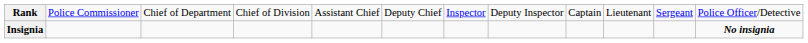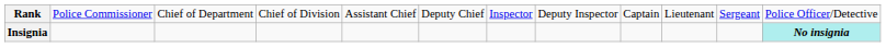 <table class="wikitable">
 <tr style="text-align:center;">
 <th>Rank</th>
 <td><a href='#'>Police Commissioner</a></td>
 <td>Chief of Department</td>
 <td>Chief of Division</td>
 <td>Assistant Chief</td>
 <td>Deputy Chief</td>
 <td><a href='#'>Inspector</a></td>
 <td>Deputy Inspector</td>
 <td>Captain</td>
 <td>Lieutenant</td>
 <td><a href='#'>Sergeant</a></td>
 <td><a href='#'>Police Officer</a>/Detective</td>
 </tr>
 <tr style="text-align:center;">
 <th>Insignia</th>
 <td></td>
 <td></td>
 <td></td>
 <td></td>
 <td></td>
 <td></td>
 <td></td>
 <td></td>
 <td></td>
 <td></td>
-<td><strong><em>No insignia</em></strong></td>
+<td style="background: paleturquoise;"><strong><em>No insignia</em></strong></td>
 </tr>
 </table>
